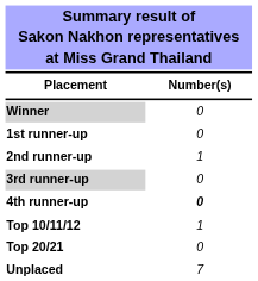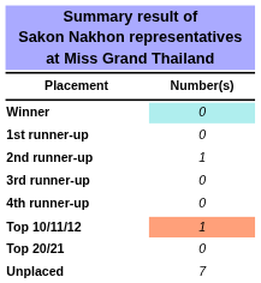 <table style="width: 270px; font-size:85%; line-height:1.5em;">
 <tr>
 <th colspan="2" align="center" style="background:#AAF;"><big>Summary result of<br>Sakon Nakhon representatives<br>at Miss Grand Thailand</big></th>
 </tr>
 <tr>
 <td colspan="2" style="background:black"></td>
 </tr>
 <tr>
 <th scope="col">Placement</th>
 <th scope="col">Number(s)</th>
 </tr>
 <tr>
 <td colspan="2" style="background:black"></td>
 </tr>
 <tr>
-<td align="left" style="background: lightgrey;"><strong>Winner</strong></td>
-<td align="center"><em>0</em></td>
+<td align="left"><strong>Winner</strong></td>
+<td align="center" style="background: paleturquoise;"><em>0</em></td>
 </tr>
 <tr>
 <td align="left"><strong>1st runner-up</strong></td>
 <td align="center"><em>0</em></td>
 </tr>
 <tr>
 <td align="left"><strong>2nd runner-up</strong></td>
 <td align="center"><em>1</em></td>
 </tr>
 <tr>
-<td align="left" style="background: lightgrey;"><strong>3rd runner-up</strong></td>
+<td align="left"><strong>3rd runner-up</strong></td>
 <td align="center"><em>0</em></td>
 </tr>
 <tr>
 <td align="left"><strong>4th runner-up</strong></td>
-<td align="center"><strong><em>0</em></strong></td>
+<td align="center"><em>0</em></td>
 </tr>
 <tr>
 <td align="left"><strong>Top 10/11/12</strong></td>
-<td align="center"><em>1</em></td>
+<td align="center" style="background: lightsalmon;"><em>1</em></td>
 </tr>
 <tr>
 <td align="left"><strong>Top 20/21</strong></td>
 <td align="center"><em>0</em></td>
 </tr>
 <tr>
 <td align="left"><strong>Unplaced</strong></td>
 <td align="center"><em>7</em></td>
 </tr>
 </table>
